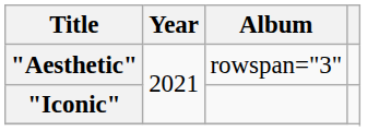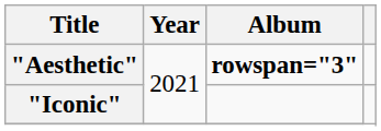 <table class="wikitable plainrowheaders" style="text-align:center;">
 <tr>
 <th class="unsortable" scope="col">Title</th>
 <th class="unsortable" scope="col">Year</th>
 <th class="unsortable" scope="col">Album</th>
 <th></th>
 </tr>
 <tr>
 <th scope="row">"Aesthetic"</th>
 <td rowspan="2">2021</td>
-<td>rowspan="3" </td>
+<td><strong>rowspan="3" </strong></td>
 <td></td>
 </tr>
 <tr>
 <th scope="row">"Iconic"</th>
 <td></td>
 </tr>
 <tr>
 </tr>
 </table>
